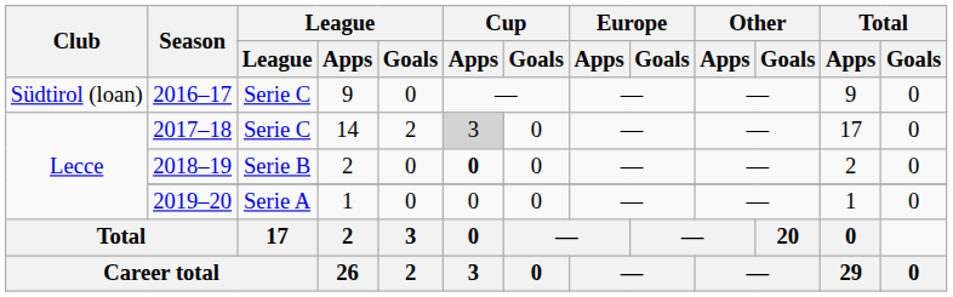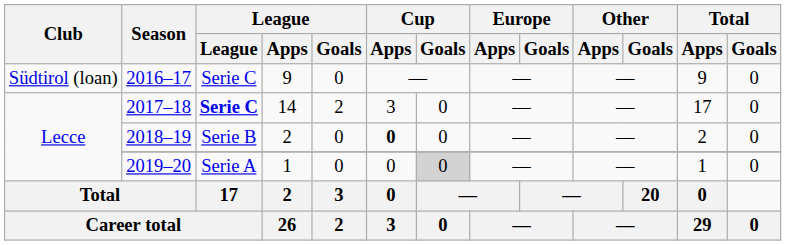 <table class="wikitable" style="text-align: center;">
 <tr>
 <th rowspan="2">Club</th>
 <th rowspan="2">Season</th>
 <th colspan="3">League</th>
 <th colspan="2">Cup</th>
 <th colspan="2">Europe</th>
 <th colspan="2">Other</th>
 <th colspan="2">Total</th>
 </tr>
 <tr>
 <th>League</th>
 <th>Apps</th>
 <th>Goals</th>
 <th>Apps</th>
 <th>Goals</th>
 <th>Apps</th>
 <th>Goals</th>
 <th>Apps</th>
 <th>Goals</th>
 <th>Apps</th>
 <th>Goals</th>
 </tr>
 <tr>
 <td><a href='#'>Südtirol</a> (loan)</td>
 <td><a href='#'>2016–17</a></td>
 <td><a href='#'>Serie C</a></td>
 <td>9</td>
 <td>0</td>
 <td colspan="2">—</td>
 <td colspan="2">—</td>
 <td colspan="2">—</td>
 <td>9</td>
 <td>0</td>
 </tr>
 <tr>
 <td rowspan="4"><a href='#'>Lecce</a></td>
 <td><a href='#'>2017–18</a></td>
-<td><a href='#'>Serie C</a></td>
+<td><strong><a href='#'>Serie C</a></strong></td>
 <td>14</td>
 <td>2</td>
-<td style="background: lightgrey;">3</td>
+<td>3</td>
 <td>0</td>
 <td colspan="2">—</td>
 <td colspan="2">—</td>
 <td>17</td>
 <td>0</td>
 </tr>
 <tr>
 <td><a href='#'>2018–19</a></td>
 <td><a href='#'>Serie B</a></td>
 <td>2</td>
 <td>0</td>
 <td><strong>0</strong></td>
 <td>0</td>
 <td colspan="2">—</td>
 <td colspan="2">—</td>
 <td>2</td>
 <td>0</td>
 </tr>
 <tr>
 </tr>
 <tr>
 <td><a href='#'>2019–20</a></td>
 <td><a href='#'>Serie A</a></td>
 <td>1</td>
 <td>0</td>
 <td>0</td>
-<td>0</td>
+<td style="background: lightgrey;">0</td>
 <td colspan="2">—</td>
 <td colspan="2">—</td>
 <td>1</td>
 <td>0</td>
 </tr>
 <tr>
 <th colspan="2">Total</th>
 <th>17</th>
 <th>2</th>
 <th>3</th>
 <th>0</th>
 <th colspan="2">—</th>
 <th colspan="2">—</th>
 <th>20</th>
 <th>0</th>
 </tr>
 <tr>
 <th colspan="3">Career total</th>
 <th>26</th>
 <th>2</th>
 <th>3</th>
 <th>0</th>
 <th colspan="2">—</th>
 <th colspan="2">—</th>
 <th>29</th>
 <th>0</th>
 </tr>
 </table>
